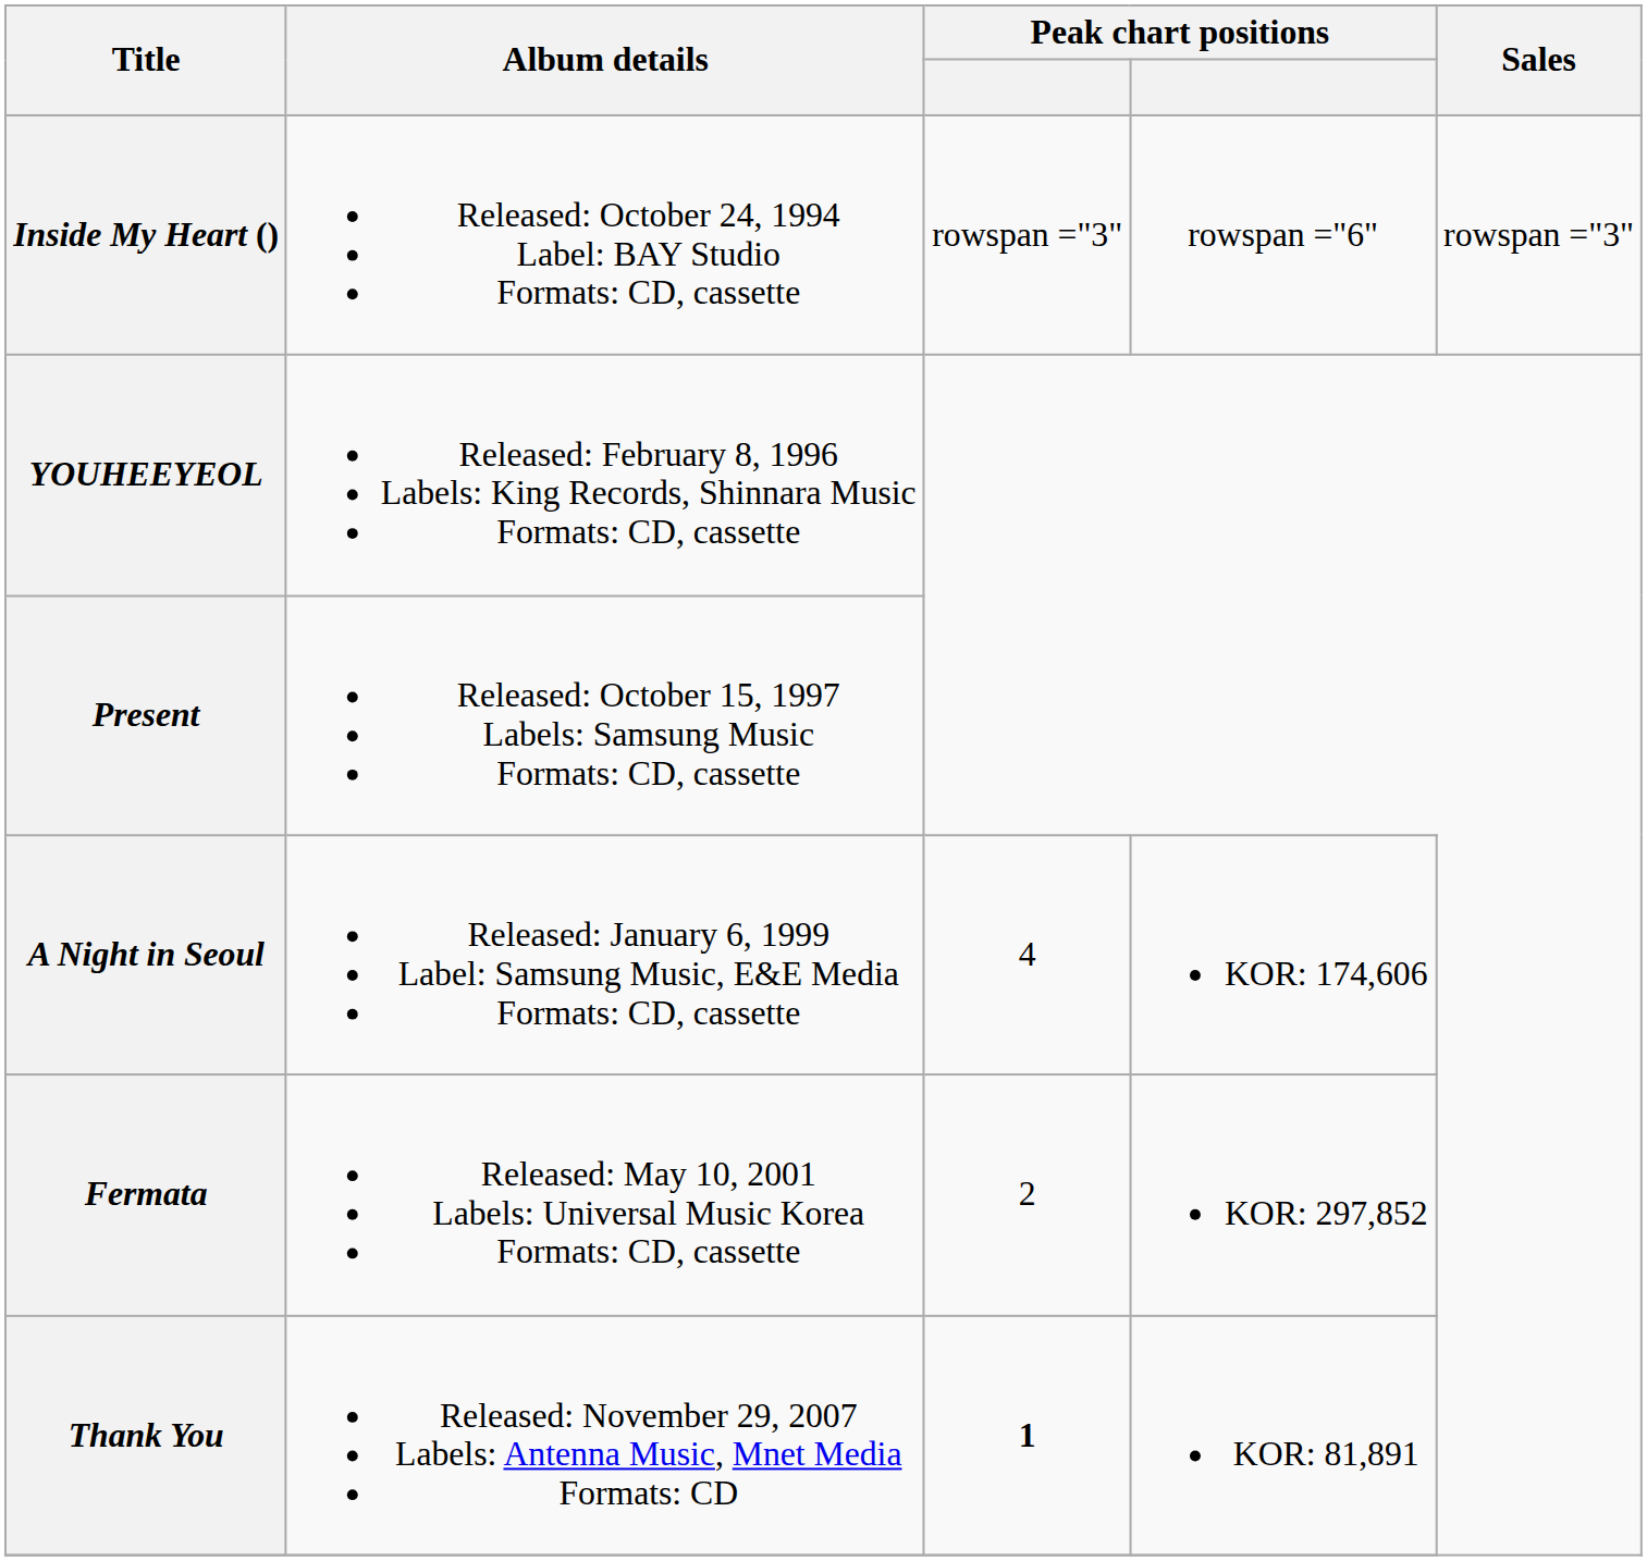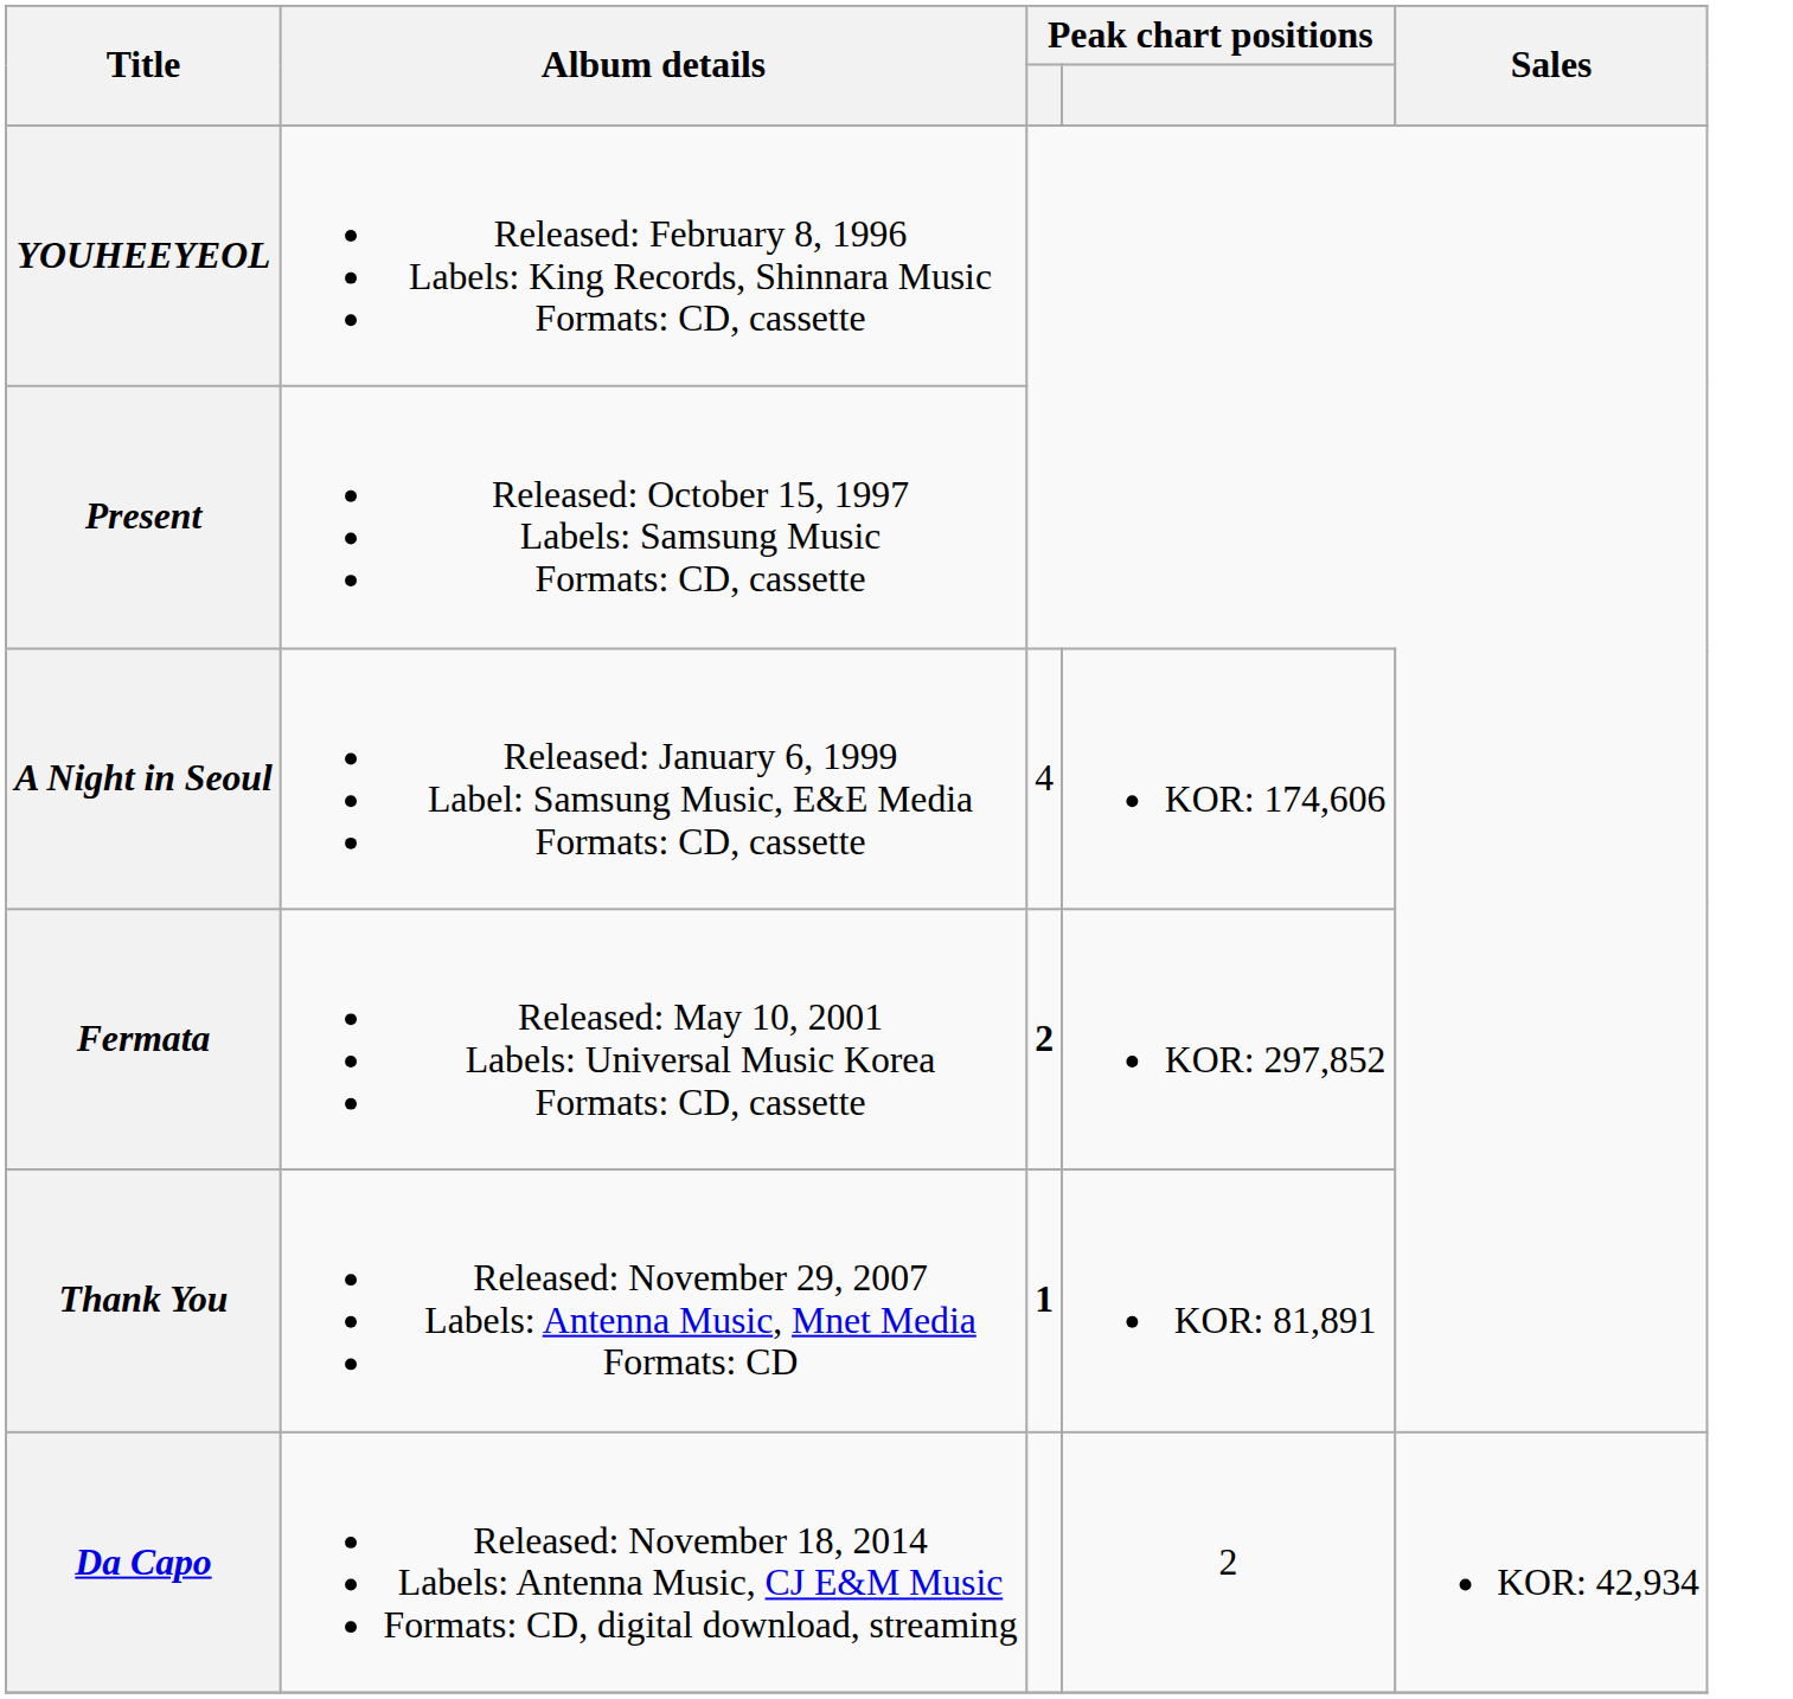 <table class="wikitable plainrowheaders" style="text-align:center">
 <tr>
 <th scope="col" rowspan="2">Title</th>
 <th scope="col" rowspan="2">Album details</th>
 <th scope="col" colspan="2" style="width:5em">Peak chart positions</th>
 <th scope="col" rowspan="2">Sales</th>
 </tr>
 <tr>
 <th><br></th>
 <th><br></th>
-</tr>
-<tr>
-<th scope="row"><em>Inside My Heart</em> ()</th>
-<td><br><ul><li>Released: October 24, 1994</li><li>Label: BAY Studio</li><li>Formats: CD, cassette</li></ul></td>
-<td>rowspan ="3" </td>
-<td>rowspan ="6" </td>
-<td>rowspan ="3" </td>
 </tr>
 <tr>
 <th scope="row"><em>YOUHEEYEOL</em></th>
 <td><br><ul><li>Released: February 8, 1996</li><li>Labels: King Records, Shinnara Music</li><li>Formats: CD, cassette</li></ul></td>
 </tr>
 <tr>
 <th scope="row"><em>Present</em></th>
 <td><br><ul><li>Released: October 15, 1997</li><li>Labels: Samsung Music</li><li>Formats: CD, cassette</li></ul></td>
 </tr>
 <tr>
 <th scope="row"><em>A Night in Seoul</em></th>
 <td><br><ul><li>Released: January 6, 1999</li><li>Label: Samsung Music, E&E Media</li><li>Formats: CD, cassette</li></ul></td>
 <td>4</td>
 <td><br><ul><li>KOR: 174,606</li></ul></td>
 </tr>
 <tr>
 <th scope="row"><em>Fermata</em></th>
 <td><br><ul><li>Released: May 10, 2001</li><li>Labels: Universal Music Korea</li><li>Formats: CD, cassette</li></ul></td>
-<td>2</td>
+<td><strong>2</strong></td>
 <td><br><ul><li>KOR: 297,852</li></ul></td>
 </tr>
 <tr>
 <th scope="row"><em>Thank You</em></th>
 <td><br><ul><li>Released: November 29, 2007</li><li>Labels: <a href='#'>Antenna Music</a>, <a href='#'>Mnet Media</a></li><li>Formats: CD</li></ul></td>
 <td><strong>1</strong></td>
 <td><br><ul><li>KOR: 81,891</li></ul></td>
 </tr>
 <tr>
+<th scope="row"><em><a href='#'>Da Capo</a></em></th>
+<td><br><ul><li>Released: November 18, 2014</li><li>Labels: Antenna Music, <a href='#'>CJ E&M Music</a></li><li>Formats: CD, digital download, streaming</li></ul></td>
+<td></td>
+<td>2</td>
+<td><br><ul><li>KOR: 42,934</li></ul></td>
+</tr>
+<tr>
 </tr>
 </table>
